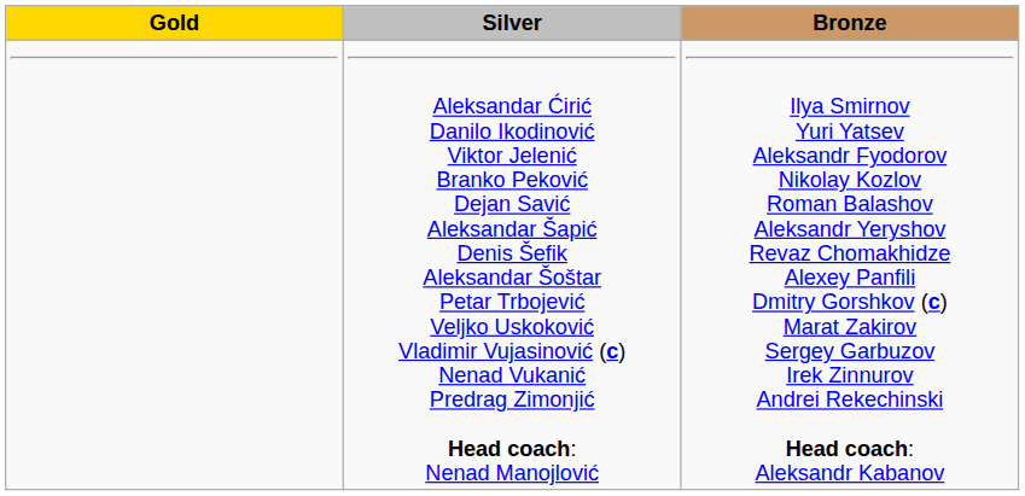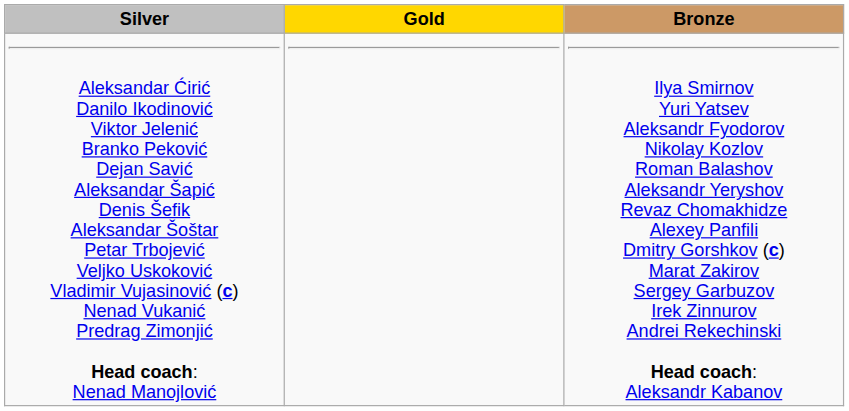 <table class="wikitable" style="font-size:95%;">
 <tr>
+<th style="text-align:center; width:15em; background-color:silver;">Silver</th>
 <th style="text-align:center; width:15em; background-color:gold;">Gold</th>
-<th style="text-align:center; width:15em; background-color:silver;">Silver</th>
 <th style="text-align:center; width:15em; background-color:#CC9966;">Bronze</th>
 </tr>
 <tr>
+<td style="text-align:center; vertical-align:top;"><strong></strong> <hr><br><a href='#'>Aleksandar Ćirić</a><br> <a href='#'>Danilo Ikodinović</a><br> <a href='#'>Viktor Jelenić</a><br> <a href='#'>Branko Peković</a><br> <a href='#'>Dejan Savić</a><br> <a href='#'>Aleksandar Šapić</a><br> <a href='#'>Denis Šefik</a><br> <a href='#'>Aleksandar Šoštar</a><br> <a href='#'>Petar Trbojević</a><br> <a href='#'>Veljko Uskoković</a><br> <a href='#'>Vladimir Vujasinović</a> (<a href='#'><strong>c</strong></a>)<br> <a href='#'>Nenad Vukanić</a><br> <a href='#'>Predrag Zimonjić</a><br><br><strong>Head coach</strong>: <br><a href='#'>Nenad Manojlović</a></td>
 <td style="text-align:center; vertical-align:top;"><strong></strong> <hr></td>
-<td style="text-align:center; vertical-align:top;"><strong></strong> <hr><br><a href='#'>Aleksandar Ćirić</a><br> <a href='#'>Danilo Ikodinović</a><br> <a href='#'>Viktor Jelenić</a><br> <a href='#'>Branko Peković</a><br> <a href='#'>Dejan Savić</a><br> <a href='#'>Aleksandar Šapić</a><br> <a href='#'>Denis Šefik</a><br> <a href='#'>Aleksandar Šoštar</a><br> <a href='#'>Petar Trbojević</a><br> <a href='#'>Veljko Uskoković</a><br> <a href='#'>Vladimir Vujasinović</a> (<a href='#'><strong>c</strong></a>)<br> <a href='#'>Nenad Vukanić</a><br> <a href='#'>Predrag Zimonjić</a><br><br><strong>Head coach</strong>: <br><a href='#'>Nenad Manojlović</a></td>
 <td style="text-align:center; vertical-align:top;"><strong></strong> <hr><br><a href='#'>Ilya Smirnov</a><br> <a href='#'>Yuri Yatsev</a><br> <a href='#'>Aleksandr Fyodorov</a><br> <a href='#'>Nikolay Kozlov</a><br> <a href='#'>Roman Balashov</a><br> <a href='#'>Aleksandr Yeryshov</a><br> <a href='#'>Revaz Chomakhidze</a><br> <a href='#'>Alexey Panfili</a><br> <a href='#'>Dmitry Gorshkov</a> (<a href='#'><strong>c</strong></a>)<br> <a href='#'>Marat Zakirov</a><br> <a href='#'>Sergey Garbuzov</a><br> <a href='#'>Irek Zinnurov</a><br> <a href='#'>Andrei Rekechinski</a><br><br><strong>Head coach</strong>: <br><a href='#'>Aleksandr Kabanov</a></td>
 </tr>
 </table>
